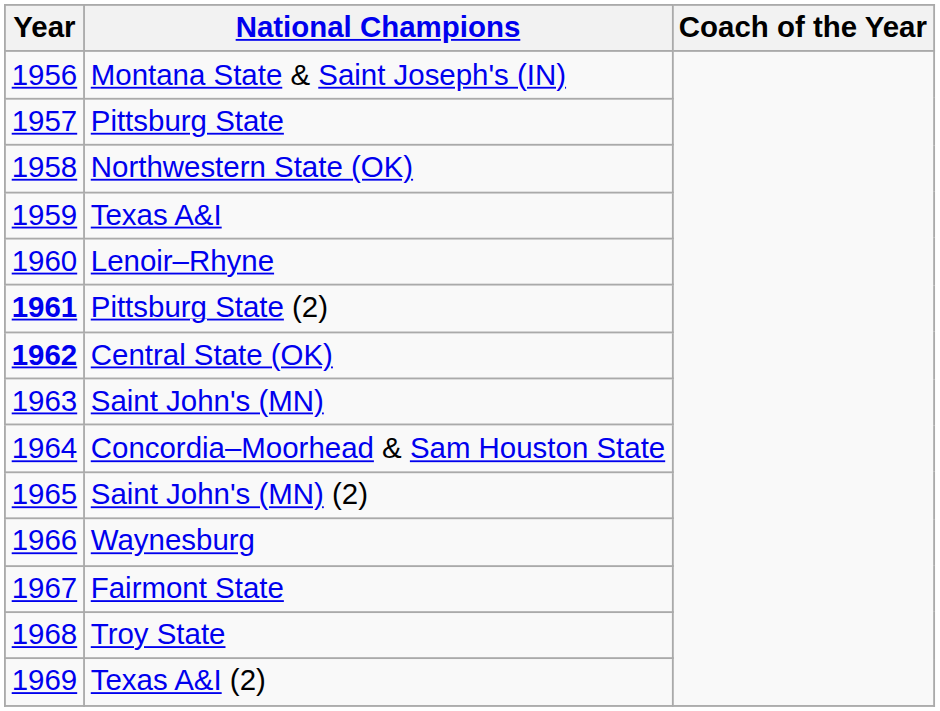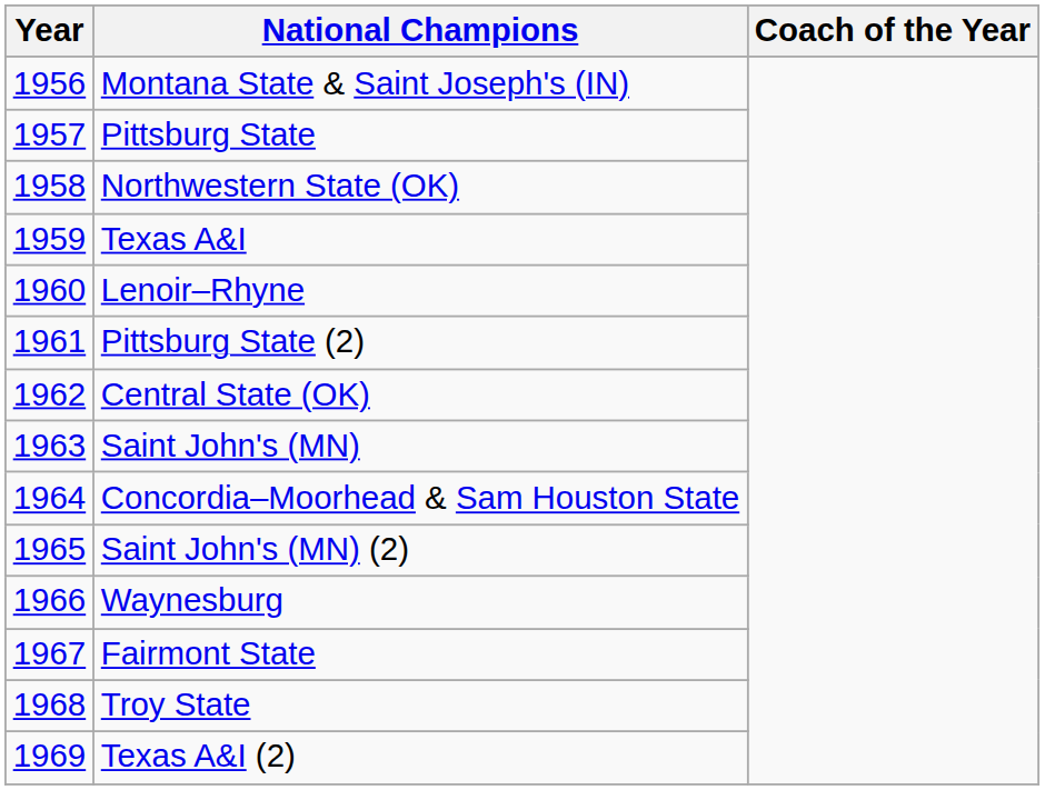 <table class="wikitable">
 <tr>
 <th>Year</th>
 <th><a href='#'>National Champions</a></th>
 <th>Coach of the Year</th>
 </tr>
 <tr>
 <td><a href='#'>1956</a></td>
 <td><a href='#'>Montana State</a> & <a href='#'>Saint Joseph's (IN)</a></td>
 </tr>
 <tr>
 <td><a href='#'>1957</a></td>
 <td><a href='#'>Pittsburg State</a></td>
 </tr>
 <tr>
 <td><a href='#'>1958</a></td>
 <td><a href='#'>Northwestern State (OK)</a></td>
 </tr>
 <tr>
 <td><a href='#'>1959</a></td>
 <td><a href='#'>Texas A&I</a></td>
 </tr>
 <tr>
 <td><a href='#'>1960</a></td>
 <td><a href='#'>Lenoir–Rhyne</a></td>
 </tr>
 <tr>
-<td><strong><a href='#'>1961</a></strong></td>
+<td><a href='#'>1961</a></td>
 <td><a href='#'>Pittsburg State</a> (2)</td>
 </tr>
 <tr>
-<td><strong><a href='#'>1962</a></strong></td>
+<td><a href='#'>1962</a></td>
 <td><a href='#'>Central State (OK)</a></td>
 </tr>
 <tr>
 <td><a href='#'>1963</a></td>
 <td><a href='#'>Saint John's (MN)</a></td>
 </tr>
 <tr>
 <td><a href='#'>1964</a></td>
 <td><a href='#'>Concordia–Moorhead</a> & <a href='#'>Sam Houston State</a></td>
 </tr>
 <tr>
 <td><a href='#'>1965</a></td>
 <td><a href='#'>Saint John's (MN)</a> (2)</td>
 </tr>
 <tr>
 <td><a href='#'>1966</a></td>
 <td><a href='#'>Waynesburg</a></td>
 </tr>
 <tr>
 <td><a href='#'>1967</a></td>
 <td><a href='#'>Fairmont State</a></td>
 </tr>
 <tr>
 <td><a href='#'>1968</a></td>
 <td><a href='#'>Troy State</a></td>
 </tr>
 <tr>
 <td><a href='#'>1969</a></td>
 <td><a href='#'>Texas A&I</a> (2)</td>
 </tr>
 </table>
